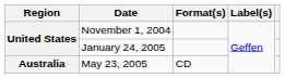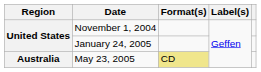 <table class="wikitable plainrowheaders">
 <tr>
 <th scope="col">Region</th>
 <th scope="col">Date</th>
 <th scope="col">Format(s)</th>
 <th scope="col">Label(s)</th>
 <th scope="col"></th>
 </tr>
 <tr>
 <th scope="row" rowspan="2">United States</th>
 <td>November 1, 2004</td>
 <td></td>
 <td rowspan="3"><a href='#'>Geffen</a></td>
 <td></td>
 </tr>
 <tr>
 <td>January 24, 2005</td>
 <td></td>
 <td></td>
 </tr>
 <tr>
 <th scope="row">Australia</th>
 <td>May 23, 2005</td>
-<td>CD</td>
+<td style="background: khaki;">CD</td>
 <td></td>
 </tr>
 </table>
